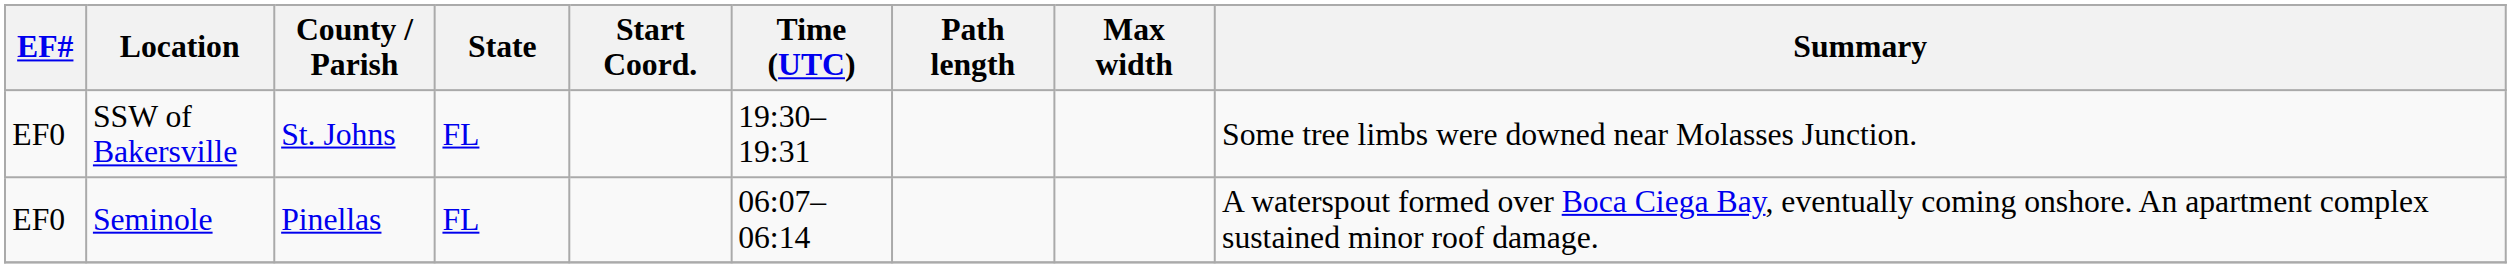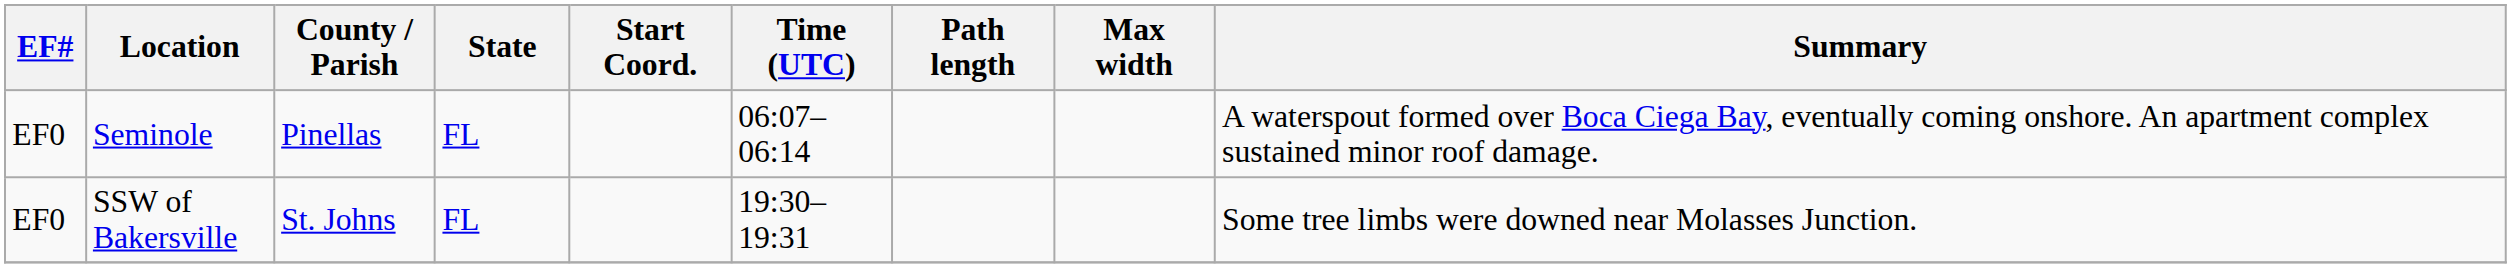 <table class="wikitable sortable" style="width:100%;">
 <tr>
 <th scope="col"  style="width:3%; text-align:center;"><a href='#'>EF#</a></th>
 <th scope="col"  style="width:7%; text-align:center;" class="unsortable">Location</th>
 <th scope="col"  style="width:6%; text-align:center;" class="unsortable">County / Parish</th>
 <th scope="col"  style="width:5%; text-align:center;">State</th>
 <th scope="col"  style="width:6%; text-align:center;">Start Coord.</th>
 <th scope="col"  style="width:6%; text-align:center;">Time (<a href='#'>UTC</a>)</th>
 <th scope="col"  style="width:6%; text-align:center;">Path length</th>
 <th scope="col"  style="width:6%; text-align:center;">Max width</th>
 <th scope="col" class="unsortable" style="width:48%; text-align:center;">Summary</th>
 </tr>
 <tr>
 <td>EF0</td>
+<td><a href='#'>Seminole</a></td>
+<td><a href='#'>Pinellas</a></td>
+<td><a href='#'>FL</a></td>
+<td></td>
+<td>06:07–06:14</td>
+<td></td>
+<td></td>
+<td>A waterspout formed over <a href='#'>Boca Ciega Bay</a>, eventually coming onshore. An apartment complex sustained minor roof damage.</td>
+</tr>
+<tr>
+<td>EF0</td>
 <td>SSW of <a href='#'>Bakersville</a></td>
 <td><a href='#'>St. Johns</a></td>
 <td><a href='#'>FL</a></td>
 <td></td>
 <td>19:30–19:31</td>
 <td></td>
 <td></td>
 <td>Some tree limbs were downed near Molasses Junction.</td>
 </tr>
 <tr>
-<td>EF0</td>
-<td><a href='#'>Seminole</a></td>
-<td><a href='#'>Pinellas</a></td>
-<td><a href='#'>FL</a></td>
-<td></td>
-<td>06:07–06:14</td>
-<td></td>
-<td></td>
-<td>A waterspout formed over <a href='#'>Boca Ciega Bay</a>, eventually coming onshore. An apartment complex sustained minor roof damage.</td>
-</tr>
-<tr>
 </tr>
 </table>
